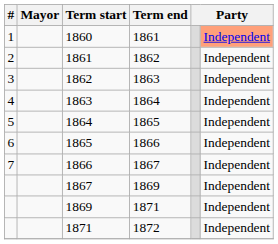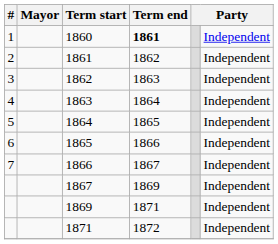 <table class="wikitable sortable">
 <tr>
 <th align=center>#</th>
 <th>Mayor</th>
 <th>Term start</th>
 <th>Term end</th>
 <th colspan="2">Party</th>
 </tr>
 <tr>
 <td style="text-align: center;">1</td>
 <td></td>
 <td>1860</td>
-<td>1861</td>
+<td><strong>1861</strong></td>
 <td style="background:gainsboro;"> </td>
-<td style="background: lightsalmon;"><a href='#'>Independent</a></td>
+<td><a href='#'>Independent</a></td>
 </tr>
 <tr>
 <td style="text-align: center;">2</td>
 <td></td>
 <td>1861</td>
 <td>1862</td>
 <td style="background:gainsboro;"> </td>
 <td>Independent</td>
 </tr>
 <tr>
 <td style="text-align: center;">3</td>
 <td></td>
 <td>1862</td>
 <td>1863</td>
 <td style="background:gainsboro;"> </td>
 <td>Independent</td>
 </tr>
 <tr>
 <td style="text-align: center;">4</td>
 <td></td>
 <td>1863</td>
 <td>1864</td>
 <td style="background:gainsboro;"> </td>
 <td>Independent</td>
 </tr>
 <tr>
 <td style="text-align: center;">5</td>
 <td></td>
 <td>1864</td>
 <td>1865</td>
 <td style="background:gainsboro;"> </td>
 <td>Independent</td>
 </tr>
 <tr>
 <td style="text-align: center;">6</td>
 <td></td>
 <td>1865</td>
 <td>1866</td>
 <td style="background:gainsboro;"> </td>
 <td>Independent</td>
 </tr>
 <tr>
 <td style="text-align: center;">7</td>
 <td></td>
 <td>1866</td>
 <td>1867</td>
 <td style="background:gainsboro;"> </td>
 <td>Independent</td>
 </tr>
 <tr>
 <td style="text-align: center;"></td>
 <td></td>
 <td>1867</td>
 <td>1869</td>
 <td style="background:gainsboro;"> </td>
 <td>Independent</td>
 </tr>
 <tr>
 <td style="text-align: center;"></td>
 <td></td>
 <td>1869</td>
 <td>1871</td>
 <td style="background:gainsboro;"> </td>
 <td>Independent</td>
 </tr>
 <tr>
 <td style="text-align: center;"></td>
 <td></td>
 <td>1871</td>
 <td>1872</td>
 <td style="background:gainsboro;"> </td>
 <td>Independent</td>
 </tr>
 <tr>
 </tr>
 </table>
